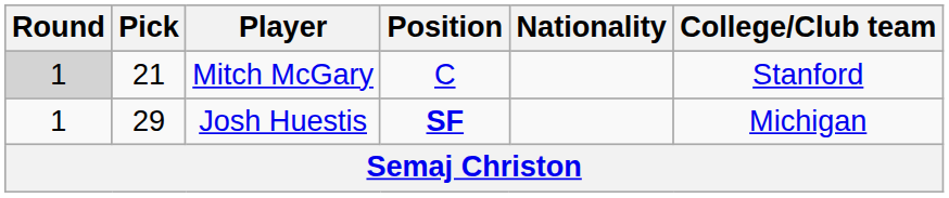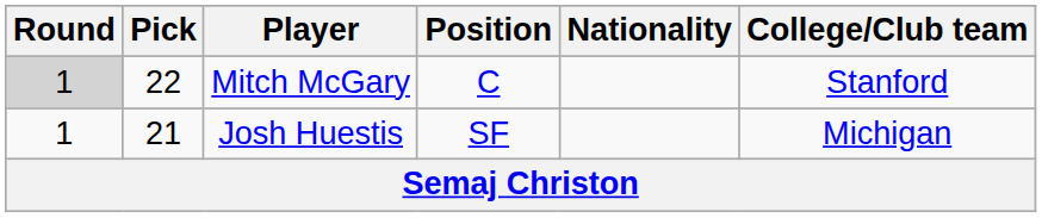 <table class="wikitable sortable sortable">
 <tr>
 <th>Round</th>
 <th>Pick</th>
 <th>Player</th>
 <th>Position</th>
 <th>Nationality</th>
 <th>College/Club team</th>
 </tr>
 <tr style="text-align: center">
 <td style="background: lightgrey;">1</td>
-<td>21</td>
+<td>22</td>
 <td><a href='#'>Mitch McGary</a></td>
 <td><a href='#'>C</a></td>
 <td></td>
 <td><a href='#'>Stanford</a></td>
 </tr>
 <tr style="text-align: center">
 <td>1</td>
-<td>29</td>
+<td>21</td>
 <td><a href='#'>Josh Huestis</a></td>
-<td><strong><a href='#'>SF</a></strong></td>
+<td><a href='#'>SF</a></td>
 <td></td>
 <td><a href='#'>Michigan</a></td>
 </tr>
 <tr>
 <th scope="row" colspan="6" style="text-align:center;”"><a href='#'>Semaj Christon</a> </th>
 </tr>
 </table>
